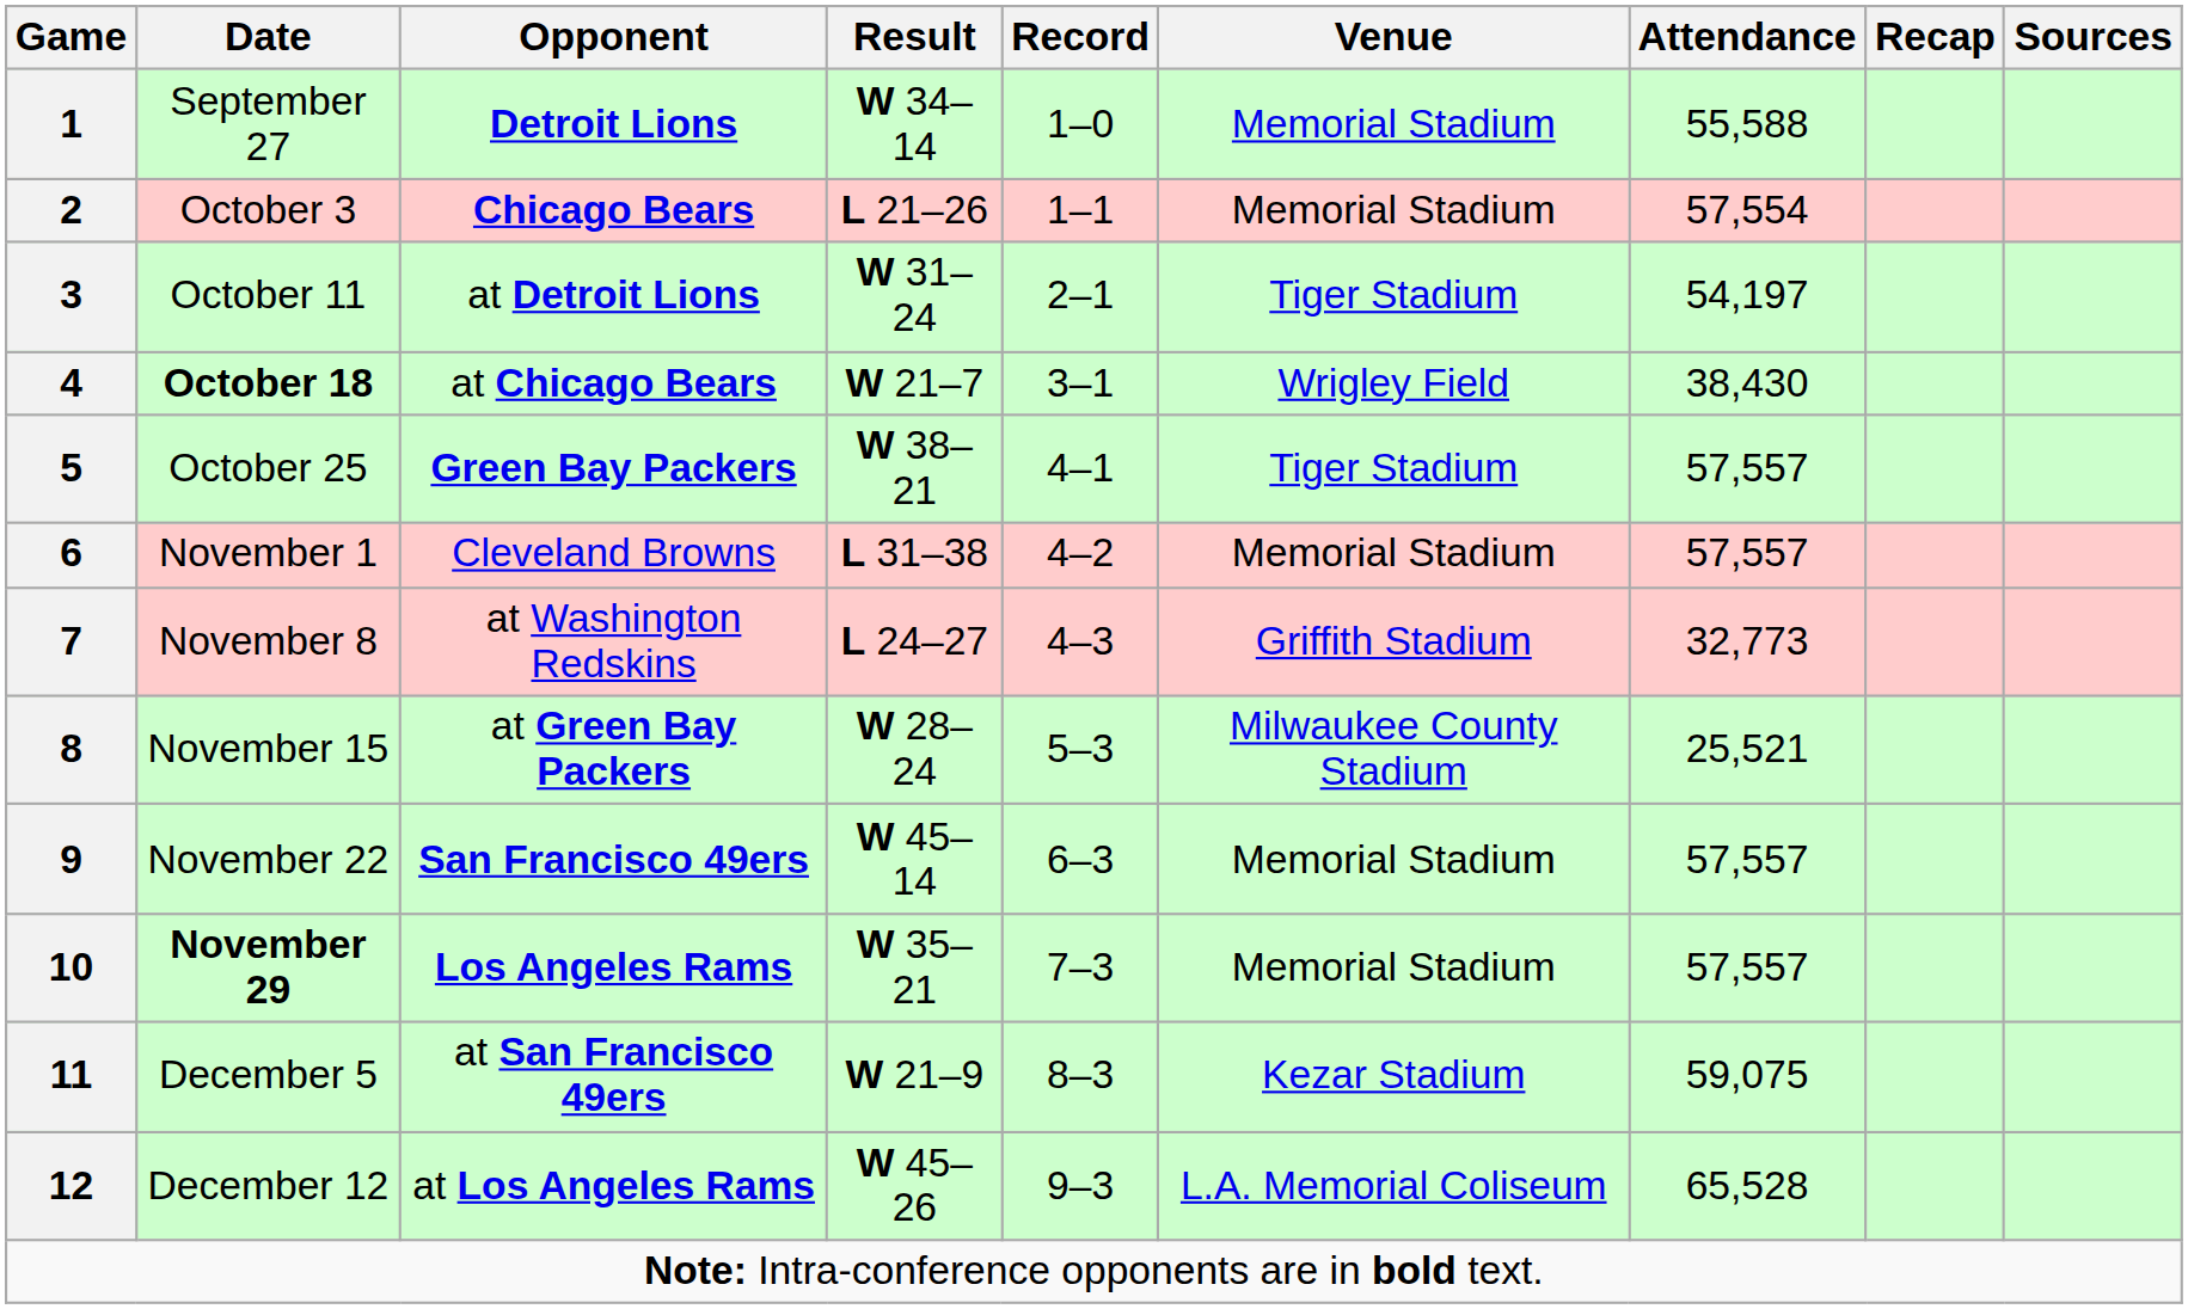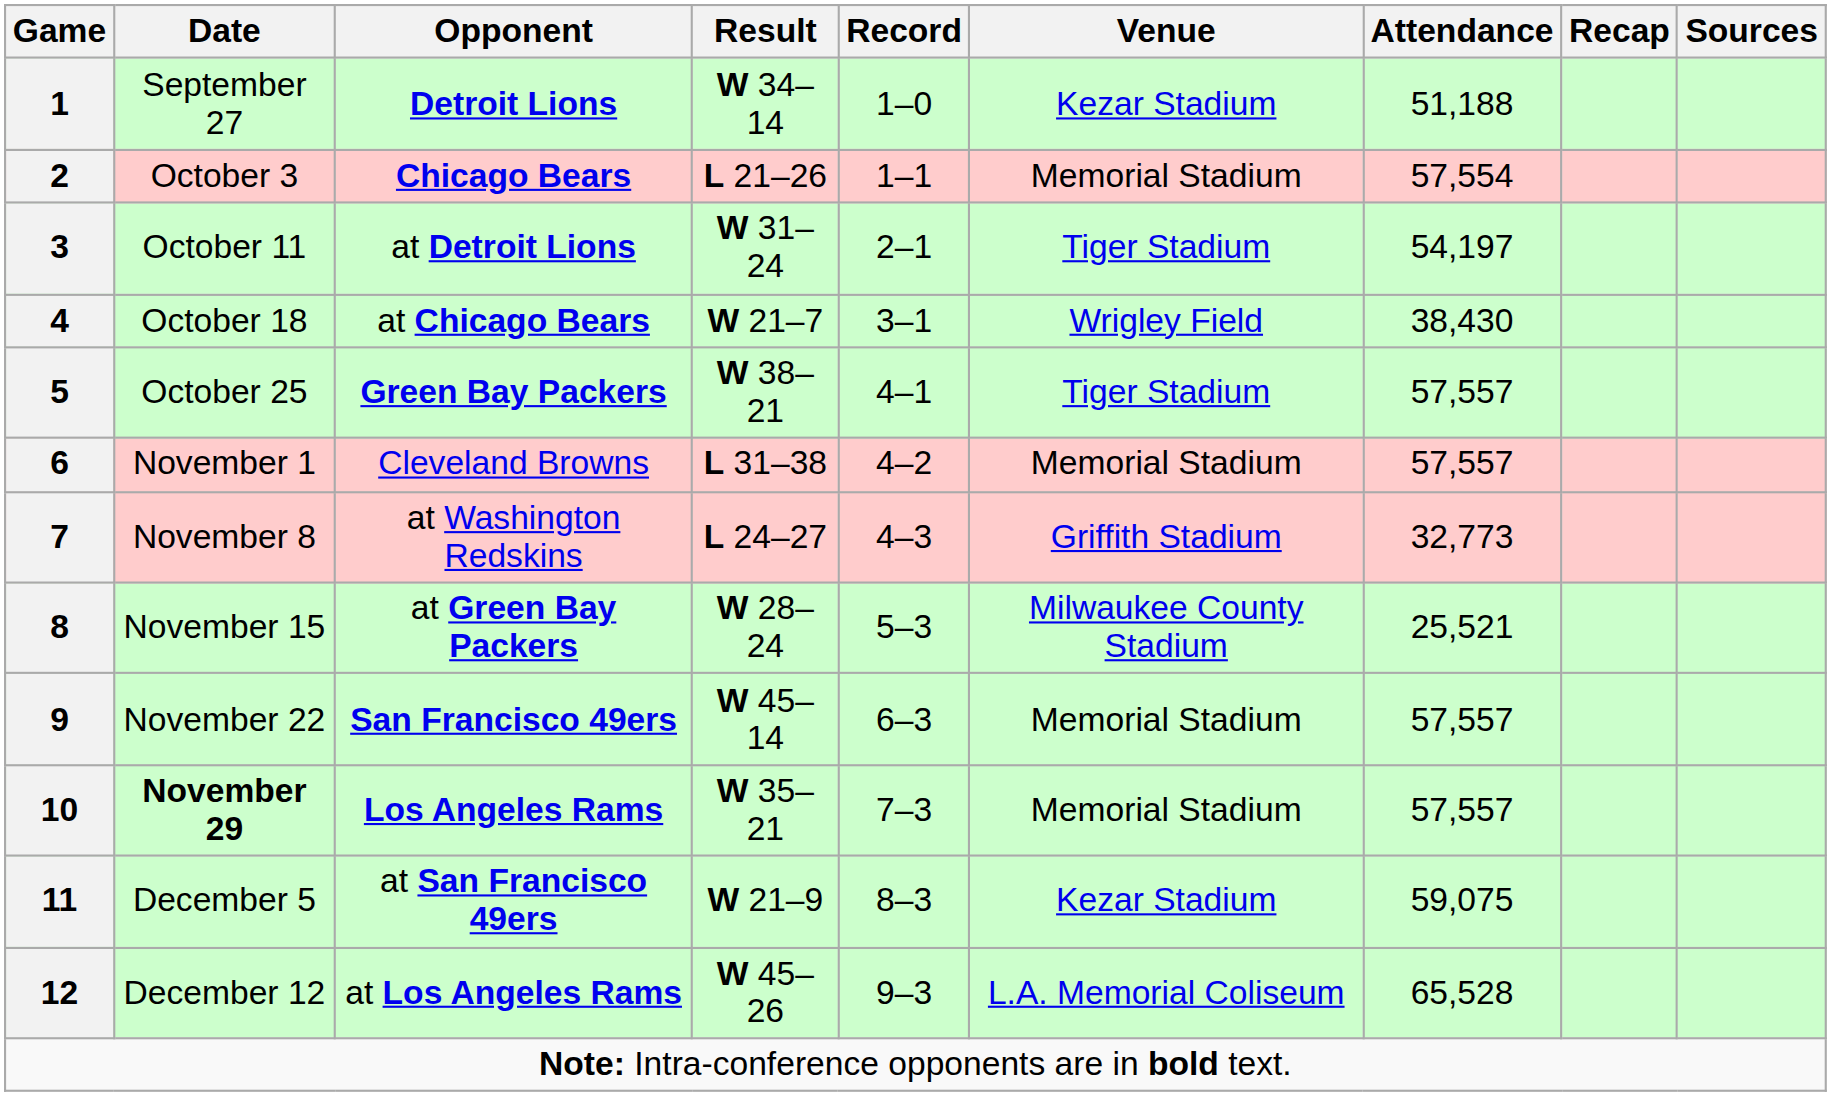 <table class="wikitable" style="text-align:center">
 <tr>
 <th>Game</th>
 <th>Date</th>
 <th>Opponent</th>
 <th>Result</th>
 <th>Record</th>
 <th>Venue</th>
 <th>Attendance</th>
 <th>Recap</th>
 <th>Sources</th>
 </tr>
 <tr style="background:#cfc">
 <th>1</th>
 <td>September 27</td>
 <td><strong><a href='#'>Detroit Lions</a></strong></td>
 <td><strong>W</strong> 34–14</td>
 <td>1–0</td>
-<td><a href='#'>Memorial Stadium</a></td>
-<td>55,588</td>
+<td><a href='#'>Kezar Stadium</a></td>
+<td>51,188</td>
 <td></td>
 <td></td>
 </tr>
 <tr style="background:#fcc">
 <th>2</th>
 <td>October 3</td>
 <td><strong><a href='#'>Chicago Bears</a></strong></td>
 <td><strong>L</strong> 21–26</td>
 <td>1–1</td>
 <td>Memorial Stadium</td>
 <td>57,554</td>
 <td></td>
 <td></td>
 </tr>
 <tr style="background:#cfc">
 <th>3</th>
 <td>October 11</td>
 <td>at <strong><a href='#'>Detroit Lions</a></strong></td>
 <td><strong>W</strong> 31–24</td>
 <td>2–1</td>
 <td><a href='#'>Tiger Stadium</a></td>
 <td>54,197</td>
 <td></td>
 <td></td>
 </tr>
 <tr style="background:#cfc">
 <th>4</th>
-<td><strong>October 18</strong></td>
+<td>October 18</td>
 <td>at <strong><a href='#'>Chicago Bears</a></strong></td>
 <td><strong>W</strong> 21–7</td>
 <td>3–1</td>
 <td><a href='#'>Wrigley Field</a></td>
 <td>38,430</td>
 <td></td>
 <td></td>
 </tr>
 <tr style="background:#cfc">
 <th>5</th>
 <td>October 25</td>
 <td><strong><a href='#'>Green Bay Packers</a></strong></td>
 <td><strong>W</strong> 38–21</td>
 <td>4–1</td>
 <td><a href='#'>Tiger Stadium</a></td>
 <td>57,557</td>
 <td></td>
 <td></td>
 </tr>
 <tr style="background:#fcc">
 <th>6</th>
 <td>November 1</td>
 <td><a href='#'>Cleveland Browns</a></td>
 <td><strong>L</strong> 31–38</td>
 <td>4–2</td>
 <td>Memorial Stadium</td>
 <td>57,557</td>
 <td></td>
 <td></td>
 </tr>
 <tr style="background:#fcc">
 <th>7</th>
 <td>November 8</td>
 <td>at <a href='#'>Washington Redskins</a></td>
 <td><strong>L</strong> 24–27</td>
 <td>4–3</td>
 <td><a href='#'>Griffith Stadium</a></td>
 <td>32,773</td>
 <td></td>
 <td></td>
 </tr>
 <tr style="background:#cfc">
 <th>8</th>
 <td>November 15</td>
 <td>at <strong><a href='#'>Green Bay Packers</a></strong></td>
 <td><strong>W</strong> 28–24</td>
 <td>5–3</td>
 <td><a href='#'>Milwaukee County Stadium</a></td>
 <td>25,521</td>
 <td></td>
 <td></td>
 </tr>
 <tr style="background:#cfc">
 <th>9</th>
 <td>November 22</td>
 <td><strong><a href='#'>San Francisco 49ers</a></strong></td>
 <td><strong>W</strong> 45–14</td>
 <td>6–3</td>
 <td>Memorial Stadium</td>
 <td>57,557</td>
 <td></td>
 <td></td>
 </tr>
 <tr style="background:#cfc">
 <th>10</th>
 <td><strong>November 29</strong></td>
 <td><strong><a href='#'>Los Angeles Rams</a></strong></td>
 <td><strong>W</strong> 35–21</td>
 <td>7–3</td>
 <td>Memorial Stadium</td>
 <td>57,557</td>
 <td></td>
 <td></td>
 </tr>
 <tr style="background:#cfc">
 <th>11</th>
 <td>December 5</td>
 <td>at <strong><a href='#'>San Francisco 49ers</a></strong></td>
 <td><strong>W</strong> 21–9</td>
 <td>8–3</td>
 <td><a href='#'>Kezar Stadium</a></td>
 <td>59,075</td>
 <td></td>
 <td></td>
 </tr>
 <tr style="background:#cfc">
 <th>12</th>
 <td>December 12</td>
 <td>at <strong><a href='#'>Los Angeles Rams</a></strong></td>
 <td><strong>W</strong> 45–26</td>
 <td>9–3</td>
 <td><a href='#'>L.A. Memorial Coliseum</a></td>
 <td>65,528</td>
 <td></td>
 <td></td>
 </tr>
 <tr>
 <td colspan="10"><strong>Note:</strong> Intra-conference opponents are in <strong>bold</strong> text.</td>
 </tr>
 </table>
